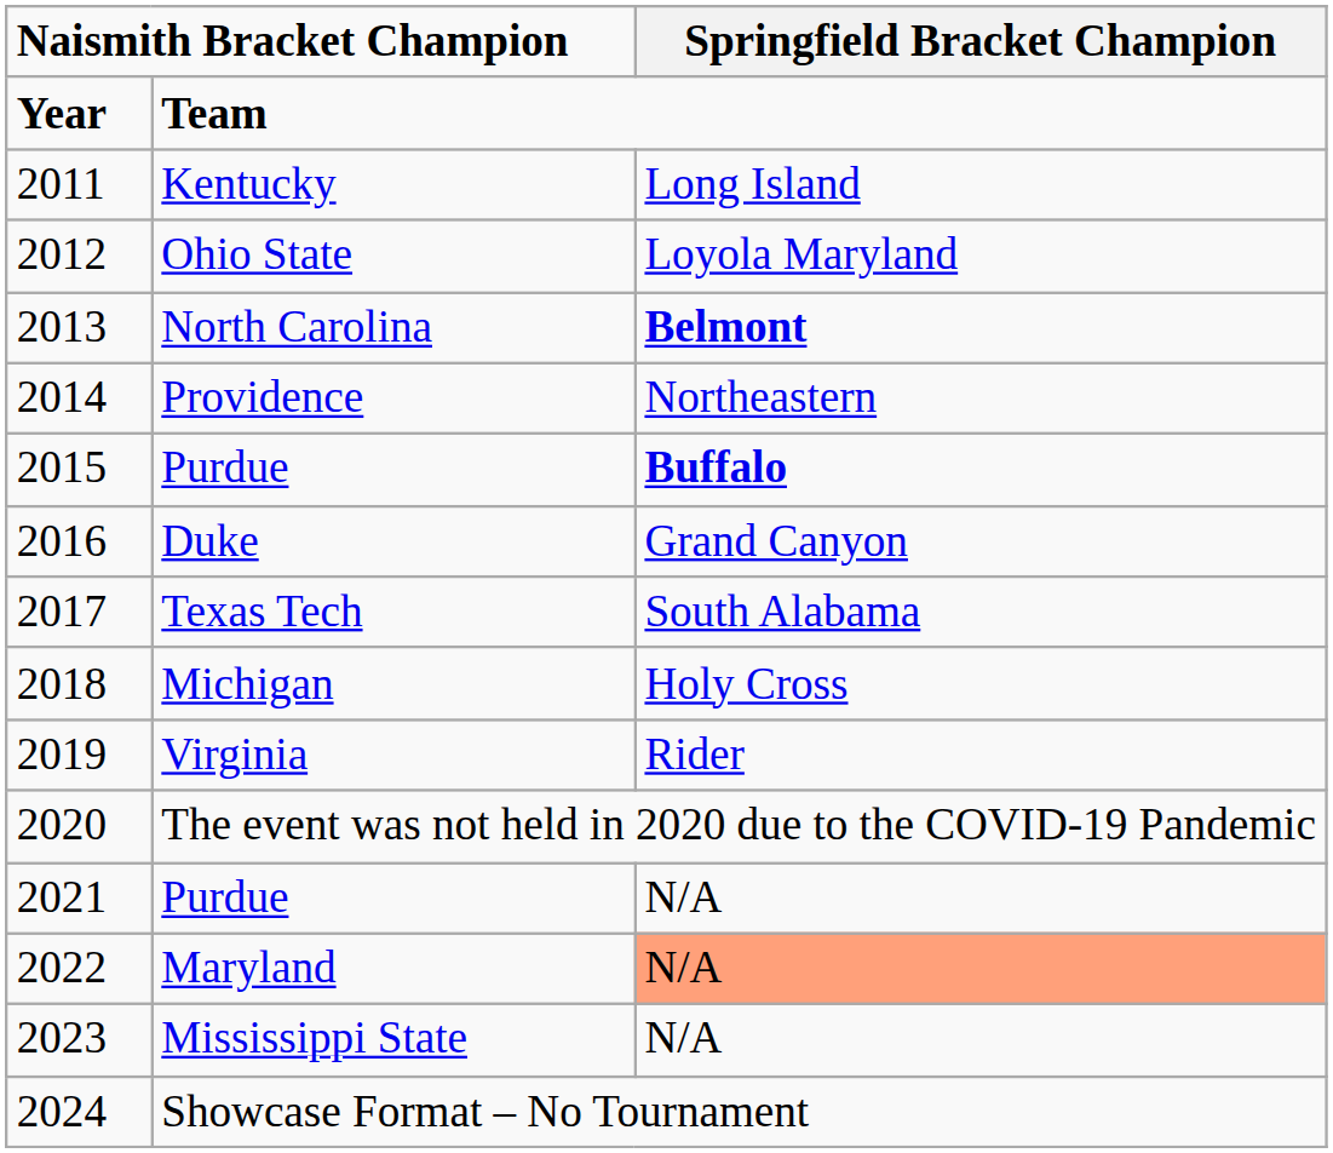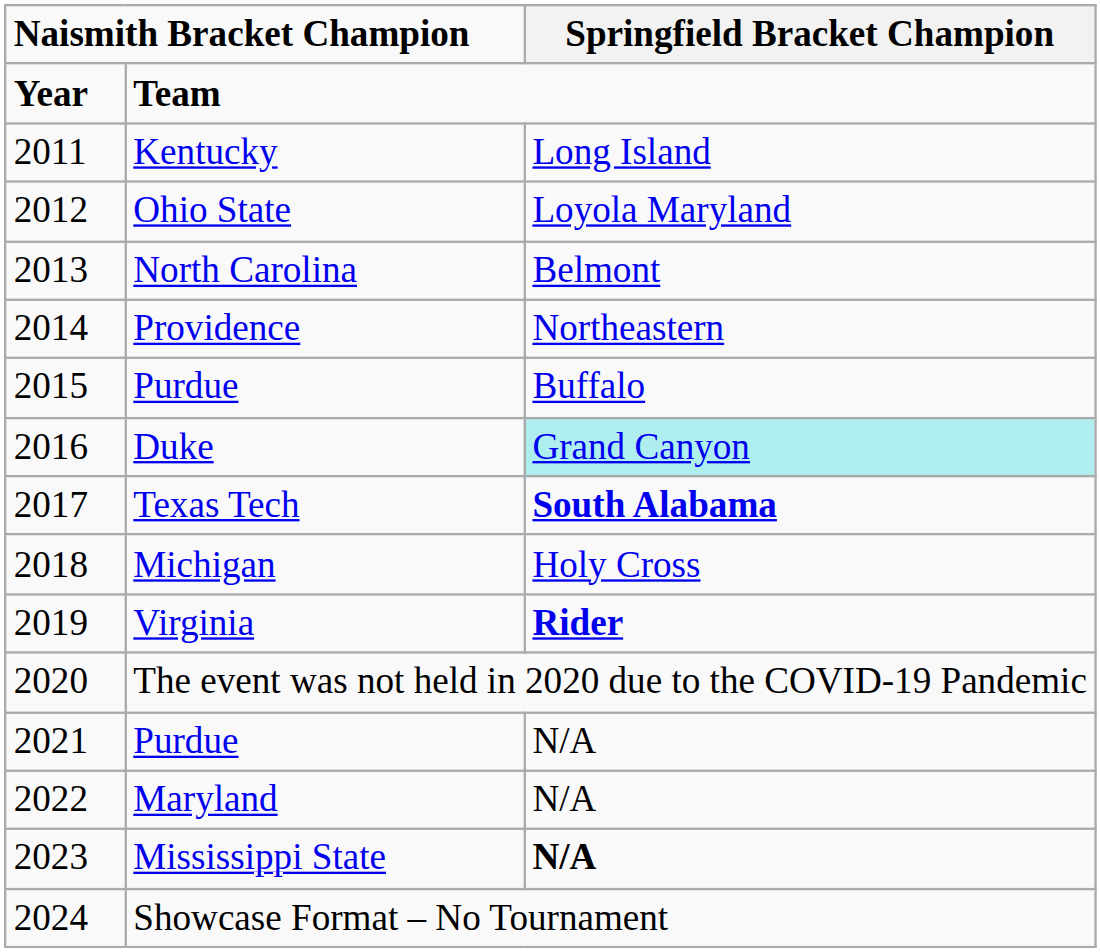 <table class="wikitable">
 <tr>
 <td colspan="2"><strong>Naismith Bracket Champion</strong></td>
 <th>Springfield Bracket Champion</th>
 </tr>
 <tr>
 <td colspan="1"><strong>Year</strong></td>
 <td colspan="2"><strong>Team</strong></td>
 </tr>
 <tr>
 <td>2011</td>
 <td><a href='#'>Kentucky</a></td>
 <td><a href='#'>Long Island</a></td>
 </tr>
 <tr>
 <td>2012</td>
 <td><a href='#'>Ohio State</a></td>
 <td><a href='#'>Loyola Maryland</a></td>
 </tr>
 <tr>
 <td>2013</td>
 <td><a href='#'>North Carolina</a></td>
-<td><strong><a href='#'>Belmont</a></strong></td>
+<td><a href='#'>Belmont</a></td>
 </tr>
 <tr>
 <td>2014</td>
 <td><a href='#'>Providence</a></td>
 <td><a href='#'>Northeastern</a></td>
 </tr>
 <tr>
 <td>2015</td>
 <td><a href='#'>Purdue</a></td>
-<td><strong><a href='#'>Buffalo</a></strong></td>
+<td><a href='#'>Buffalo</a></td>
 </tr>
 <tr>
 <td>2016</td>
 <td><a href='#'>Duke</a></td>
-<td><a href='#'>Grand Canyon</a></td>
+<td style="background: paleturquoise;"><a href='#'>Grand Canyon</a></td>
 </tr>
 <tr>
 <td>2017</td>
 <td><a href='#'>Texas Tech</a></td>
-<td><a href='#'>South Alabama</a></td>
+<td><strong><a href='#'>South Alabama</a></strong></td>
 </tr>
 <tr>
 <td>2018</td>
 <td><a href='#'>Michigan</a></td>
 <td><a href='#'>Holy Cross</a></td>
 </tr>
 <tr>
 <td>2019</td>
 <td><a href='#'>Virginia</a></td>
-<td><a href='#'>Rider</a></td>
+<td><strong><a href='#'>Rider</a></strong></td>
 </tr>
 <tr>
 <td>2020</td>
 <td colspan="2">The event was not held in 2020 due to the COVID-19 Pandemic</td>
 </tr>
 <tr>
 <td>2021</td>
 <td><a href='#'>Purdue</a></td>
 <td>N/A</td>
 </tr>
 <tr>
 <td>2022</td>
 <td><a href='#'>Maryland</a></td>
-<td style="background: lightsalmon;">N/A</td>
+<td>N/A</td>
 </tr>
 <tr>
 <td>2023</td>
 <td><a href='#'>Mississippi State</a></td>
-<td>N/A</td>
+<td><strong>N/A</strong></td>
 </tr>
 <tr>
 <td>2024</td>
 <td colspan=5>Showcase Format – No Tournament</td>
 </tr>
 </table>
